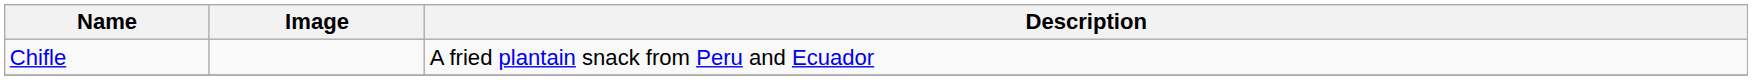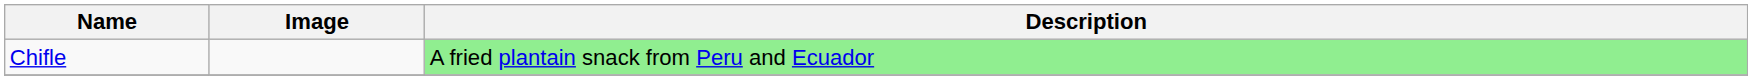 <table class="wikitable sortable" width="100%">
 <tr>
 <th>Name</th>
 <th class="unsortable">Image</th>
 <th>Description</th>
 </tr>
 <tr>
 <td><a href='#'>Chifle</a></td>
 <td></td>
-<td>A fried <a href='#'>plantain</a> snack from <a href='#'>Peru</a> and <a href='#'>Ecuador</a></td>
+<td style="background: lightgreen;">A fried <a href='#'>plantain</a> snack from <a href='#'>Peru</a> and <a href='#'>Ecuador</a></td>
 </tr>
 <tr>
 </tr>
 </table>
